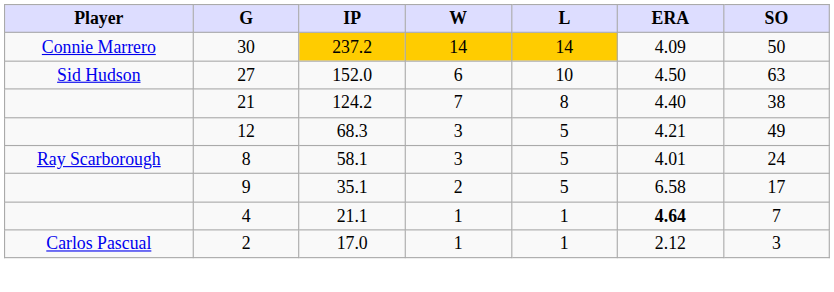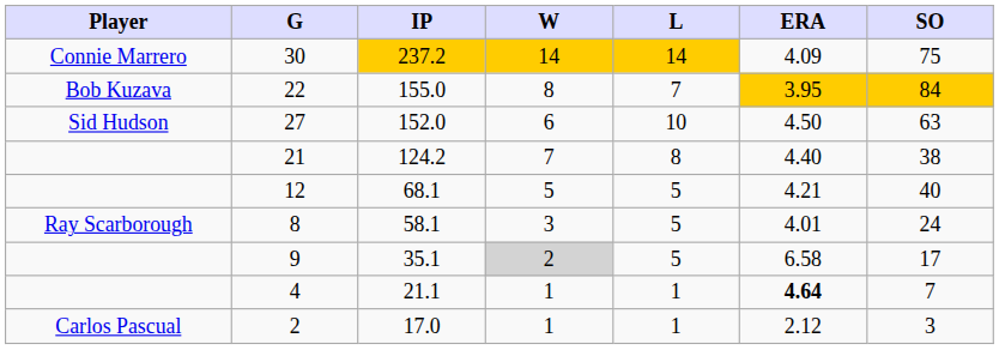 <table class="wikitable sortable">
 <tr>
 <th style="background:#ddf; width:16%;">Player</th>
 <th style="background:#ddf; width:9%;">G</th>
 <th style="background:#ddf; width:9%;">IP</th>
 <th style="background:#ddf; width:9%;">W</th>
 <th style="background:#ddf; width:9%;">L</th>
 <th style="background:#ddf; width:9%;">ERA</th>
 <th style="background:#ddf; width:9%;">SO</th>
 </tr>
 <tr style="text-align:center;">
 <td><a href='#'>Connie Marrero</a></td>
 <td>30</td>
 <td style="background:#fc0;">237.2</td>
 <td style="background:#fc0;">14</td>
 <td style="background:#fc0;">14</td>
 <td>4.09</td>
-<td>50</td>
+<td>75</td>
+</tr>
+<tr align="center">
+<td><a href='#'>Bob Kuzava</a></td>
+<td>22</td>
+<td>155.0</td>
+<td>8</td>
+<td>7</td>
+<td style="background:#fc0;">3.95</td>
+<td style="background:#fc0;">84</td>
 </tr>
 <tr align="center">
 <td><a href='#'>Sid Hudson</a></td>
 <td>27</td>
 <td>152.0</td>
 <td>6</td>
 <td>10</td>
 <td>4.50</td>
 <td>63</td>
 </tr>
 <tr align="center">
 <td></td>
 <td>21</td>
 <td>124.2</td>
 <td>7</td>
 <td>8</td>
 <td>4.40</td>
 <td>38</td>
 </tr>
 <tr style="text-align:center;">
 <td></td>
 <td>12</td>
-<td>68.3</td>
-<td>3</td>
+<td>68.1</td>
+<td>5</td>
 <td>5</td>
 <td>4.21</td>
-<td>49</td>
+<td>40</td>
 </tr>
 <tr style="text-align:center;">
 <td><a href='#'>Ray Scarborough</a></td>
 <td>8</td>
 <td>58.1</td>
 <td>3</td>
 <td>5</td>
 <td>4.01</td>
 <td>24</td>
 </tr>
 <tr align="center">
 <td></td>
 <td>9</td>
 <td>35.1</td>
-<td>2</td>
+<td style="background: lightgrey;">2</td>
 <td>5</td>
 <td>6.58</td>
 <td>17</td>
 </tr>
 <tr style="text-align:center;">
 <td></td>
 <td>4</td>
 <td>21.1</td>
 <td>1</td>
 <td>1</td>
 <td><strong>4.64</strong></td>
 <td>7</td>
 </tr>
 <tr align="center">
 <td><a href='#'>Carlos Pascual</a></td>
 <td>2</td>
 <td>17.0</td>
 <td>1</td>
 <td>1</td>
 <td>2.12</td>
 <td>3</td>
 </tr>
 </table>
